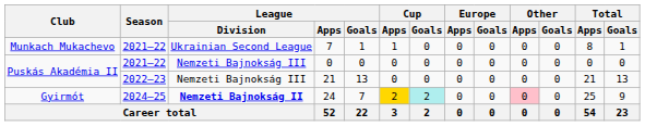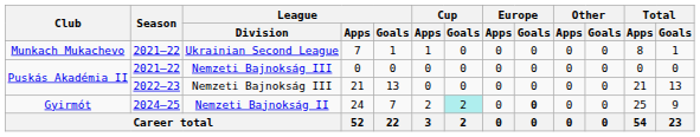 <table class="wikitable" style="text-align:center">
 <tr>
 <th rowspan="2">Club</th>
 <th rowspan="2">Season</th>
 <th colspan="3">League</th>
 <th colspan="2">Cup</th>
 <th colspan="2">Europe</th>
 <th colspan="2">Other</th>
 <th colspan="2">Total</th>
 </tr>
 <tr>
 <th>Division</th>
 <th>Apps</th>
 <th>Goals</th>
 <th>Apps</th>
 <th>Goals</th>
 <th>Apps</th>
 <th>Goals</th>
 <th>Apps</th>
 <th>Goals</th>
 <th>Apps</th>
 <th>Goals</th>
 </tr>
 <tr>
 <td rowspan=1><a href='#'>Munkach Mukachevo</a></td>
 <td><a href='#'>2021–22</a></td>
 <td><a href='#'>Ukrainian Second League</a></td>
 <td>7</td>
 <td>1</td>
 <td>1</td>
 <td>0</td>
 <td>0</td>
 <td>0</td>
 <td>0</td>
 <td>0</td>
 <td>8</td>
 <td>1</td>
 </tr>
 <tr>
 <td rowspan=2><a href='#'>Puskás Akadémia II</a></td>
 <td><a href='#'>2021–22</a></td>
 <td><a href='#'>Nemzeti Bajnokság III</a></td>
 <td>0</td>
 <td>0</td>
 <td>0</td>
 <td>0</td>
 <td>0</td>
 <td>0</td>
 <td>0</td>
 <td>0</td>
 <td>0</td>
 <td>0</td>
 </tr>
 <tr>
 <td><a href='#'>2022–23</a></td>
 <td>Nemzeti Bajnokság III</td>
 <td>21</td>
 <td>13</td>
 <td>0</td>
 <td>0</td>
 <td>0</td>
 <td>0</td>
 <td>0</td>
 <td>0</td>
 <td>21</td>
 <td>13</td>
 </tr>
 <tr>
 <td rowspan=1><a href='#'>Gyirmót</a></td>
 <td><a href='#'>2024–25</a></td>
-<td><strong><a href='#'>Nemzeti Bajnokság II</a></strong></td>
+<td><a href='#'>Nemzeti Bajnokság II</a></td>
 <td>24</td>
 <td>7</td>
-<td style="background: gold;">2</td>
+<td>2</td>
 <td style="background: paleturquoise;">2</td>
 <td>0</td>
+<td><strong>0</strong></td>
 <td>0</td>
-<td style="background: pink;">0</td>
 <td>0</td>
 <td>25</td>
 <td>9</td>
 </tr>
 <tr>
 <th colspan="3">Career total</th>
 <th>52</th>
 <th>22</th>
 <th>3</th>
 <th>2</th>
 <th>0</th>
 <th>0</th>
 <th>0</th>
 <th>0</th>
 <th>54</th>
 <th>23</th>
 </tr>
 </table>
